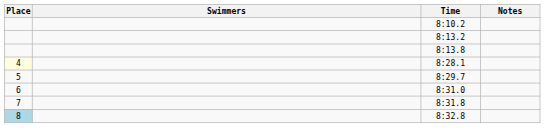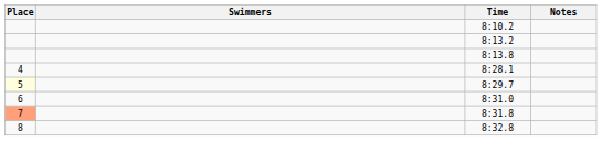 <table class=wikitable style="text-align:center">
 <tr>
 <th>Place</th>
 <th width=620>Swimmers</th>
 <th width=90>Time</th>
 <th width=90>Notes</th>
 </tr>
 <tr>
 <td></td>
 <td align=left></td>
 <td>8:10.2</td>
 <td></td>
 </tr>
 <tr>
 <td></td>
 <td align=left></td>
 <td>8:13.2</td>
 <td></td>
 </tr>
 <tr>
 <td></td>
 <td align=left></td>
 <td>8:13.8</td>
 <td></td>
 </tr>
 <tr>
-<td style="background: lightyellow;">4</td>
+<td>4</td>
 <td align=left></td>
 <td>8:28.1</td>
 <td></td>
 </tr>
 <tr>
-<td>5</td>
+<td style="background: lightyellow;">5</td>
 <td align=left></td>
 <td>8:29.7</td>
 </tr>
 <tr>
 <td>6</td>
 <td align=left></td>
 <td>8:31.0</td>
 <td></td>
 </tr>
 <tr>
-<td>7</td>
+<td style="background: lightsalmon;">7</td>
 <td align=left></td>
 <td>8:31.8</td>
 <td></td>
 </tr>
 <tr>
-<td style="background: lightblue;">8</td>
+<td>8</td>
 <td align=left></td>
 <td>8:32.8</td>
 <td></td>
 </tr>
 </table>
